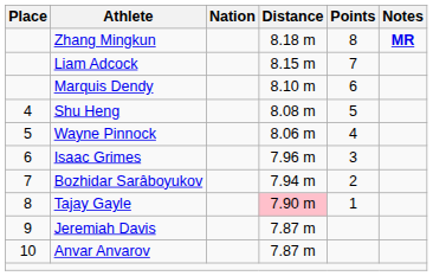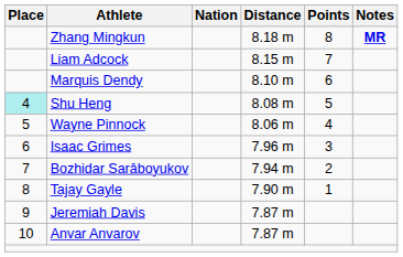 <table class="wikitable mw-datatable sortable" style="text-align:center;">
 <tr>
 <th scope="col">Place</th>
 <th scope="col">Athlete</th>
 <th scope="col">Nation</th>
 <th scope="col">Distance</th>
 <th scope="col">Points</th>
 <th scope="col">Notes</th>
 </tr>
 <tr>
 <td></td>
 <td align="left"><a href='#'>Zhang Mingkun</a></td>
 <td align="left"></td>
 <td>8.18 m </td>
 <td>8</td>
 <td><strong><a href='#'>MR</a></strong></td>
 </tr>
 <tr>
 <td></td>
 <td align="left"><a href='#'>Liam Adcock</a></td>
 <td align="left"></td>
 <td>8.15 m </td>
 <td>7</td>
 <td></td>
 </tr>
 <tr>
 <td></td>
 <td align="left"><a href='#'>Marquis Dendy</a></td>
 <td align="left"></td>
 <td>8.10 m </td>
 <td>6</td>
 <td></td>
 </tr>
 <tr>
-<td>4</td>
+<td style="background: paleturquoise;">4</td>
 <td align="left"><a href='#'>Shu Heng</a></td>
 <td align="left"></td>
 <td>8.08 m </td>
 <td>5</td>
 <td></td>
 </tr>
 <tr>
 <td>5</td>
 <td align="left"><a href='#'>Wayne Pinnock</a></td>
 <td align="left"></td>
 <td>8.06 m </td>
 <td>4</td>
 <td></td>
 </tr>
 <tr>
 <td>6</td>
 <td align="left"><a href='#'>Isaac Grimes</a></td>
 <td align="left"></td>
 <td>7.96 m </td>
 <td>3</td>
 <td></td>
 </tr>
 <tr>
 <td>7</td>
 <td align="left"><a href='#'>Bozhidar Sarâboyukov</a></td>
 <td align="left"></td>
 <td>7.94 m </td>
 <td>2</td>
 <td></td>
 </tr>
 <tr>
 <td>8</td>
 <td align="left"><a href='#'>Tajay Gayle</a></td>
 <td align="left"></td>
-<td style="background: pink;">7.90 m </td>
+<td>7.90 m </td>
 <td>1</td>
 <td></td>
 </tr>
 <tr>
 <td>9</td>
 <td align="left"><a href='#'>Jeremiah Davis</a></td>
 <td align="left"></td>
 <td>7.87 m </td>
 <td></td>
 <td></td>
 </tr>
 <tr>
 <td>10</td>
 <td align="left"><a href='#'>Anvar Anvarov</a></td>
 <td align="left"></td>
 <td>7.87 m </td>
 <td></td>
 <td></td>
 </tr>
 <tr class="sortbottom">
 <td colspan="6"></td>
 </tr>
 </table>
